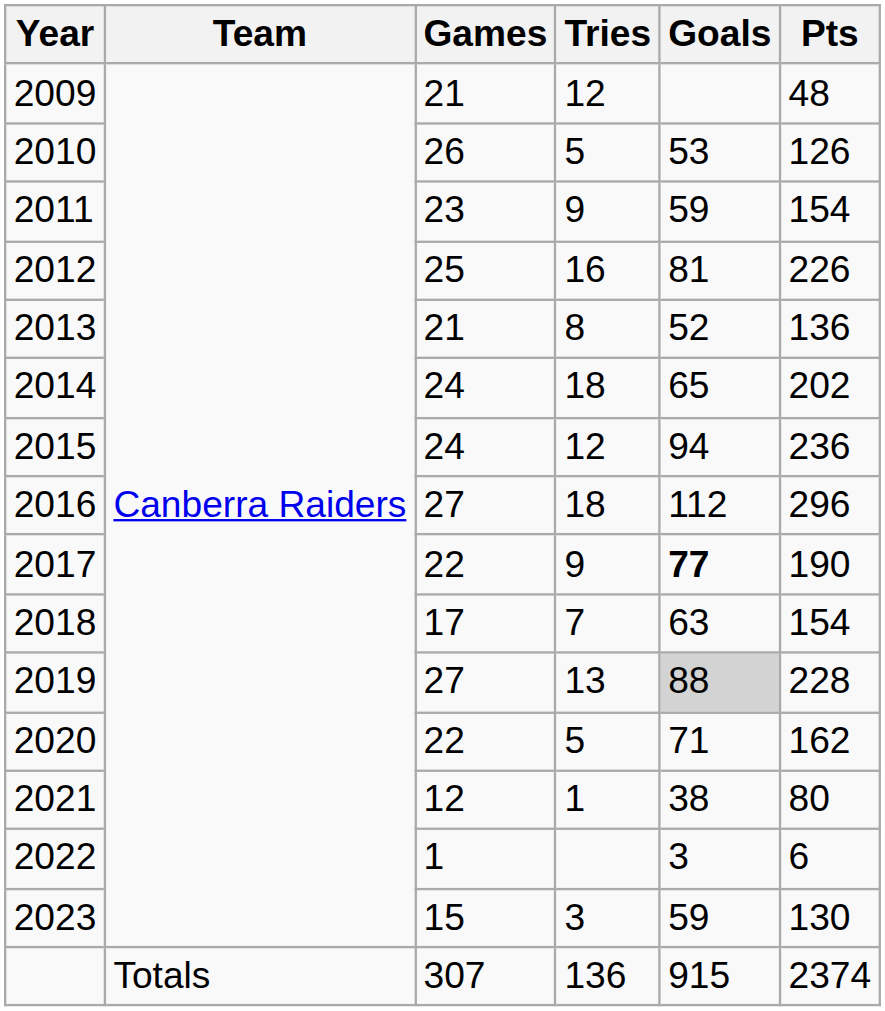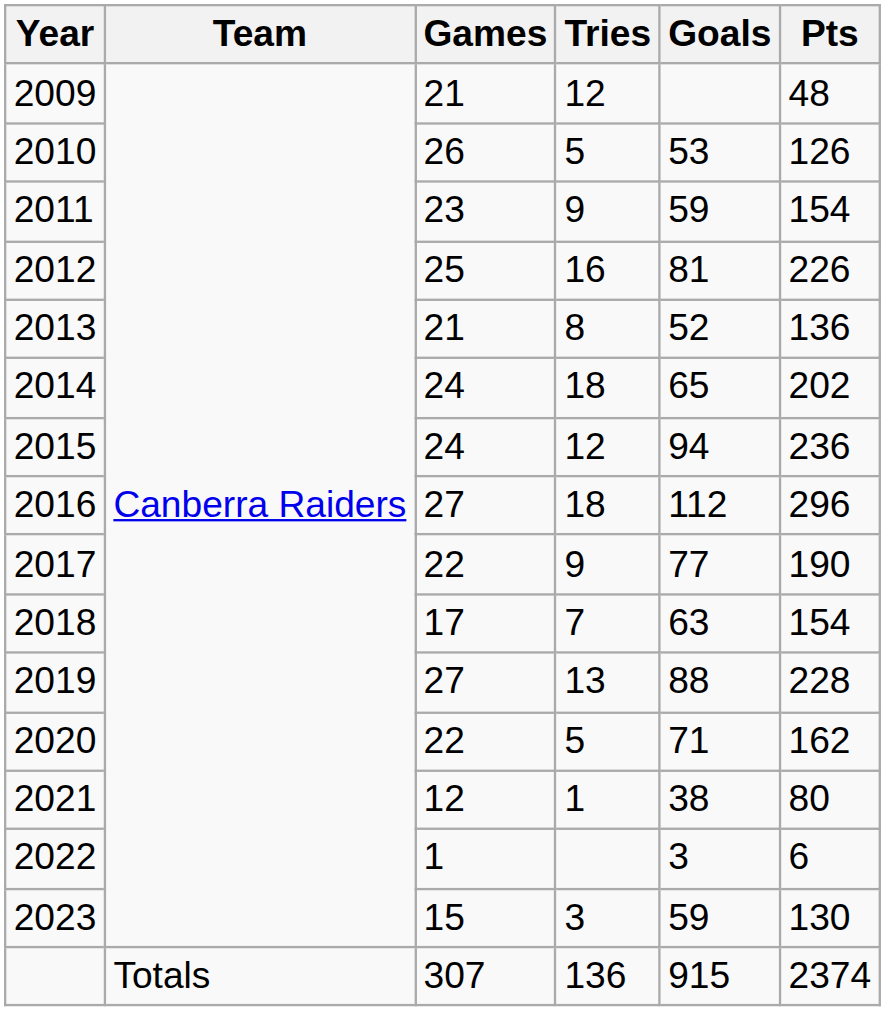 <table class="wikitable">
 <tr>
 <th>Year</th>
 <th>Team</th>
 <th>Games</th>
 <th>Tries</th>
 <th>Goals</th>
 <th>Pts</th>
 </tr>
 <tr>
 <td>2009</td>
 <td rowspan="15"> <a href='#'>Canberra Raiders</a></td>
 <td>21</td>
 <td>12</td>
 <td></td>
 <td>48</td>
 </tr>
 <tr>
 <td>2010</td>
 <td>26</td>
 <td>5</td>
 <td>53</td>
 <td>126</td>
 </tr>
 <tr>
 <td>2011</td>
 <td>23</td>
 <td>9</td>
 <td>59</td>
 <td>154</td>
 </tr>
 <tr>
 <td>2012</td>
 <td>25</td>
 <td>16</td>
 <td>81</td>
 <td>226</td>
 </tr>
 <tr>
 <td>2013</td>
 <td>21</td>
 <td>8</td>
 <td>52</td>
 <td>136</td>
 </tr>
 <tr>
 <td>2014</td>
 <td>24</td>
 <td>18</td>
 <td>65</td>
 <td>202</td>
 </tr>
 <tr>
 <td>2015</td>
 <td>24</td>
 <td>12</td>
 <td>94</td>
 <td>236</td>
 </tr>
 <tr>
 <td>2016</td>
 <td>27</td>
 <td>18</td>
 <td>112</td>
 <td>296</td>
 </tr>
 <tr>
 <td>2017</td>
 <td>22</td>
 <td>9</td>
-<td><strong>77</strong></td>
+<td>77</td>
 <td>190</td>
 </tr>
 <tr>
 <td>2018</td>
 <td>17</td>
 <td>7</td>
 <td>63</td>
 <td>154</td>
 </tr>
 <tr>
 <td>2019</td>
 <td>27</td>
 <td>13</td>
-<td style="background: lightgrey;">88</td>
+<td>88</td>
 <td>228</td>
 </tr>
 <tr>
 <td>2020</td>
 <td>22</td>
 <td>5</td>
 <td>71</td>
 <td>162</td>
 </tr>
 <tr>
 <td>2021</td>
 <td>12</td>
 <td>1</td>
 <td>38</td>
 <td>80</td>
 </tr>
 <tr>
 <td>2022</td>
 <td>1</td>
 <td></td>
 <td>3</td>
 <td>6</td>
 </tr>
 <tr>
 <td>2023</td>
 <td>15</td>
 <td>3</td>
 <td>59</td>
 <td>130</td>
 </tr>
 <tr>
 <td></td>
 <td>Totals</td>
 <td>307</td>
 <td>136</td>
 <td>915</td>
 <td>2374</td>
 </tr>
 </table>
